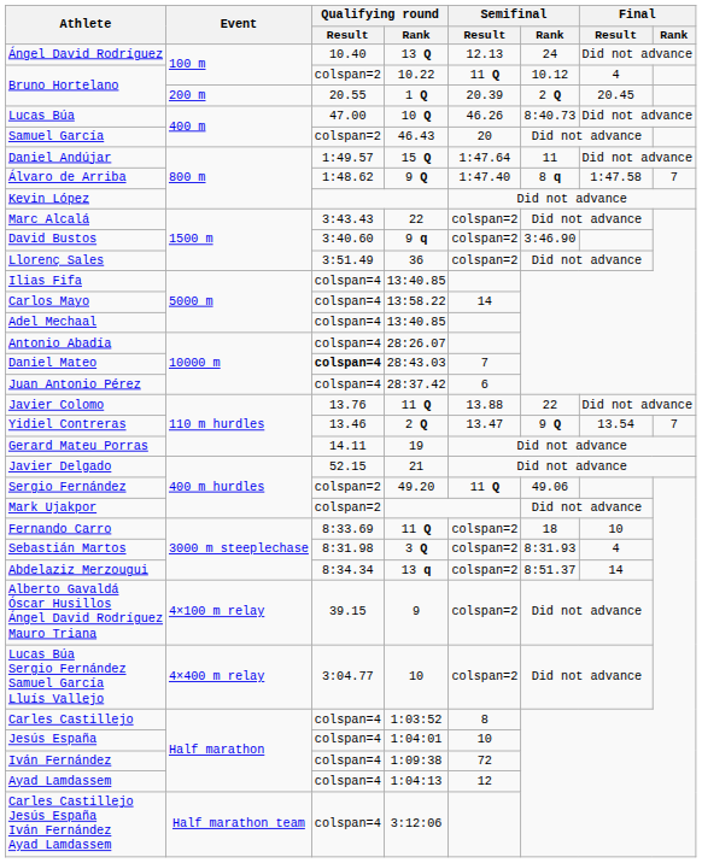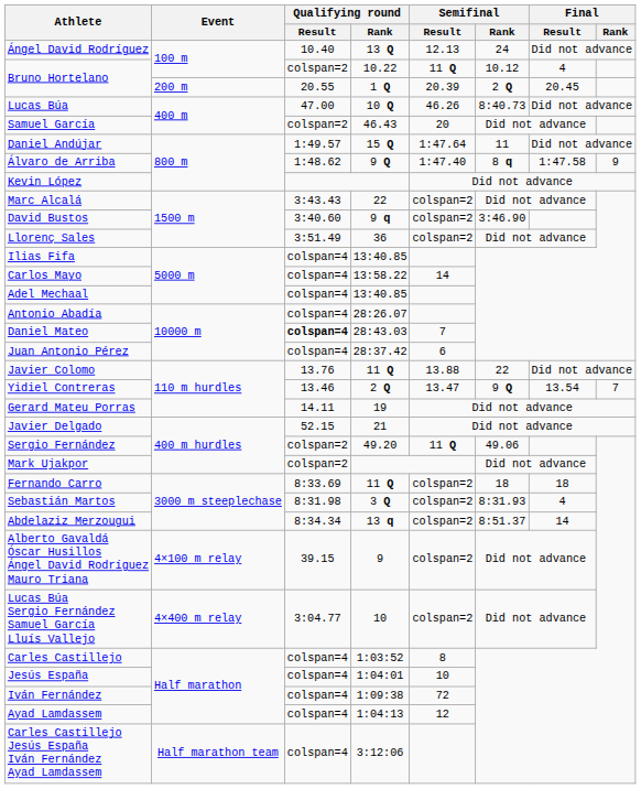 <table class="wikitable" style="font-size:90%">
 <tr>
 <th rowspan="2">Athlete</th>
 <th rowspan="2">Event</th>
 <th colspan="2">Qualifying round</th>
 <th colspan="2">Semifinal</th>
 <th colspan="2">Final</th>
 </tr>
 <tr style="font-size:95%">
 <th>Result</th>
 <th>Rank</th>
 <th>Result</th>
 <th>Rank</th>
 <th>Result</th>
 <th>Rank</th>
 </tr>
 <tr align=center>
 <td align=left><a href='#'>Ángel David Rodríguez</a></td>
 <td align=left rowspan=2><a href='#'>100 m</a></td>
 <td>10.40</td>
 <td>13 <strong>Q</strong></td>
 <td>12.13</td>
 <td>24</td>
 <td colspan=2>Did not advance</td>
 </tr>
 <tr align=center>
 <td align=left rowspan=2><a href='#'>Bruno Hortelano</a></td>
 <td>colspan=2 </td>
 <td>10.22</td>
 <td>11 <strong>Q</strong></td>
 <td>10.12</td>
 <td>4</td>
 </tr>
 <tr align=center>
 <td align=left><a href='#'>200 m</a></td>
 <td>20.55</td>
 <td>1 <strong>Q</strong></td>
 <td>20.39 <strong></strong></td>
 <td>2 <strong>Q</strong></td>
 <td>20.45</td>
 <td></td>
 </tr>
 <tr align=center>
 <td align=left><a href='#'>Lucas Búa</a></td>
 <td align=left rowspan=2><a href='#'>400 m</a></td>
 <td>47.00</td>
 <td>10 <strong>Q</strong></td>
 <td>46.26</td>
 <td>8:40.73</td>
 <td colspan=2>Did not advance</td>
 </tr>
 <tr align=center>
 <td align=left><a href='#'>Samuel García</a></td>
 <td>colspan=2 </td>
 <td>46.43</td>
 <td>20</td>
 <td colspan=2>Did not advance</td>
 </tr>
 <tr align=center>
 <td align=left><a href='#'>Daniel Andújar</a></td>
 <td align=left rowspan=3><a href='#'>800 m</a></td>
 <td>1:49.57</td>
 <td>15 <strong>Q</strong></td>
 <td>1:47.64</td>
 <td>11</td>
 <td colspan=2>Did not advance</td>
 </tr>
 <tr align=center>
 <td align=left><a href='#'>Álvaro de Arriba</a></td>
 <td>1:48.62</td>
 <td>9 <strong>Q</strong></td>
 <td>1:47.40</td>
 <td>8 <strong>q</strong></td>
 <td>1:47.58</td>
-<td>7</td>
+<td>9</td>
 </tr>
 <tr align=center>
 <td align=left><a href='#'>Kevin López</a></td>
 <td colspan=2></td>
 <td colspan=4>Did not advance</td>
 </tr>
 <tr align=center>
 <td align=left><a href='#'>Marc Alcalá</a></td>
 <td align=left rowspan=3><a href='#'>1500 m</a></td>
 <td>3:43.43</td>
 <td>22</td>
 <td>colspan=2 </td>
 <td colspan=2>Did not advance</td>
 </tr>
 <tr align=center>
 <td align=left><a href='#'>David Bustos</a></td>
 <td>3:40.60</td>
 <td>9 <strong>q</strong></td>
 <td>colspan=2 </td>
 <td>3:46.90</td>
 <td></td>
 </tr>
 <tr align=center>
 <td align=left><a href='#'>Llorenç Sales</a></td>
 <td>3:51.49</td>
 <td>36</td>
 <td>colspan=2 </td>
 <td colspan=2>Did not advance</td>
 </tr>
 <tr align=center>
 <td align=left><a href='#'>Ilias Fifa</a></td>
 <td align=left rowspan=3><a href='#'>5000 m</a></td>
 <td>colspan=4 </td>
 <td>13:40.85</td>
 <td></td>
 </tr>
 <tr align=center>
 <td align=left><a href='#'>Carlos Mayo</a></td>
 <td>colspan=4 </td>
 <td>13:58.22</td>
 <td>14</td>
 </tr>
 <tr align=center>
 <td align=left><a href='#'>Adel Mechaal</a></td>
 <td>colspan=4 </td>
 <td>13:40.85</td>
 <td></td>
 </tr>
 <tr align=center>
 <td align=left><a href='#'>Antonio Abadía</a></td>
 <td align=left rowspan=3><a href='#'>10000 m</a></td>
 <td>colspan=4 </td>
 <td>28:26.07</td>
 <td></td>
 </tr>
 <tr align=center>
 <td align=left><a href='#'>Daniel Mateo</a></td>
 <td><strong>colspan=4 </strong></td>
 <td>28:43.03 <strong></strong></td>
 <td>7</td>
 </tr>
 <tr align=center>
 <td align=left><a href='#'>Juan Antonio Pérez</a></td>
 <td>colspan=4 </td>
 <td>28:37.42</td>
 <td>6</td>
 </tr>
 <tr align=center>
 <td align=left><a href='#'>Javier Colomo</a></td>
 <td align=left rowspan=3><a href='#'>110 m hurdles</a></td>
 <td>13.76</td>
 <td>11 <strong>Q</strong></td>
 <td>13.88</td>
 <td>22</td>
 <td colspan=2>Did not advance</td>
 </tr>
 <tr align=center>
 <td align=left><a href='#'>Yidiel Contreras</a></td>
 <td>13.46 <strong></strong></td>
 <td>2 <strong>Q</strong></td>
 <td>13.47</td>
 <td>9 <strong>Q</strong></td>
 <td>13.54</td>
 <td>7</td>
 </tr>
 <tr align=center>
 <td align=left><a href='#'>Gerard Mateu Porras</a></td>
 <td>14.11</td>
 <td>19</td>
 <td colspan=4>Did not advance</td>
 </tr>
 <tr align=center>
 <td align=left><a href='#'>Javier Delgado</a></td>
 <td align=left rowspan=3><a href='#'>400 m hurdles</a></td>
 <td>52.15</td>
 <td>21</td>
 <td colspan=4>Did not advance</td>
 </tr>
 <tr align=center>
 <td align=left><a href='#'>Sergio Fernández</a></td>
 <td>colspan=2 </td>
 <td>49.20</td>
 <td>11 <strong>Q</strong></td>
 <td>49.06</td>
 <td></td>
 </tr>
 <tr align=center>
 <td align=left><a href='#'>Mark Ujakpor</a></td>
 <td>colspan=2 </td>
 <td colspan=2></td>
 <td colspan=2>Did not advance</td>
 </tr>
 <tr align=center>
 <td align=left><a href='#'>Fernando Carro</a></td>
 <td align=left rowspan=3><a href='#'>3000 m steeplechase</a></td>
 <td>8:33.69</td>
 <td>11 <strong>Q</strong></td>
 <td>colspan=2 </td>
 <td>18</td>
-<td>10</td>
+<td>18</td>
 </tr>
 <tr align=center>
 <td align=left><a href='#'>Sebastián Martos</a></td>
 <td>8:31.98</td>
 <td>3 <strong>Q</strong></td>
 <td>colspan=2 </td>
 <td>8:31.93 <strong></strong></td>
 <td>4</td>
 </tr>
 <tr align=center>
 <td align=left><a href='#'>Abdelaziz Merzougui</a></td>
 <td>8:34.34</td>
 <td>13 <strong>q</strong></td>
 <td>colspan=2 </td>
 <td>8:51.37</td>
 <td>14</td>
 </tr>
 <tr align=center>
 <td align=left><a href='#'>Alberto Gavaldá</a><br><a href='#'>Óscar Husillos</a><br><a href='#'>Ángel David Rodríguez</a><br><a href='#'>Mauro Triana</a></td>
 <td align=left><a href='#'>4×100 m relay</a></td>
 <td>39.15 <strong></strong></td>
 <td>9</td>
 <td>colspan=2 </td>
 <td colspan=2>Did not advance</td>
 </tr>
 <tr align=center>
 <td align=left><a href='#'>Lucas Búa</a><br><a href='#'>Sergio Fernández</a><br><a href='#'>Samuel García</a><br><a href='#'>Lluís Vallejo</a></td>
 <td align=left><a href='#'>4×400 m relay</a></td>
 <td>3:04.77</td>
 <td>10</td>
 <td>colspan=2 </td>
 <td colspan=2>Did not advance</td>
 </tr>
 <tr align=center>
 <td align=left><a href='#'>Carles Castillejo</a></td>
 <td align=left rowspan=4><a href='#'>Half marathon</a></td>
 <td>colspan=4 </td>
 <td>1:03:52</td>
 <td>8</td>
 </tr>
 <tr align=center>
 <td align=left><a href='#'>Jesús España</a></td>
 <td>colspan=4 </td>
 <td>1:04:01</td>
 <td>10</td>
 </tr>
 <tr align=center>
 <td align=left><a href='#'>Iván Fernández</a></td>
 <td>colspan=4 </td>
 <td>1:09:38</td>
 <td>72</td>
 </tr>
 <tr align=center>
 <td align=left><a href='#'>Ayad Lamdassem</a></td>
 <td>colspan=4 </td>
 <td>1:04:13</td>
 <td>12</td>
 </tr>
 <tr align=center>
 <td align=left><a href='#'>Carles Castillejo</a><br><a href='#'>Jesús España</a><br><a href='#'>Iván Fernández</a><br><a href='#'>Ayad Lamdassem</a></td>
 <td><a href='#'>Half marathon team</a></td>
 <td>colspan=4 </td>
 <td>3:12:06</td>
 <td></td>
 </tr>
 </table>
